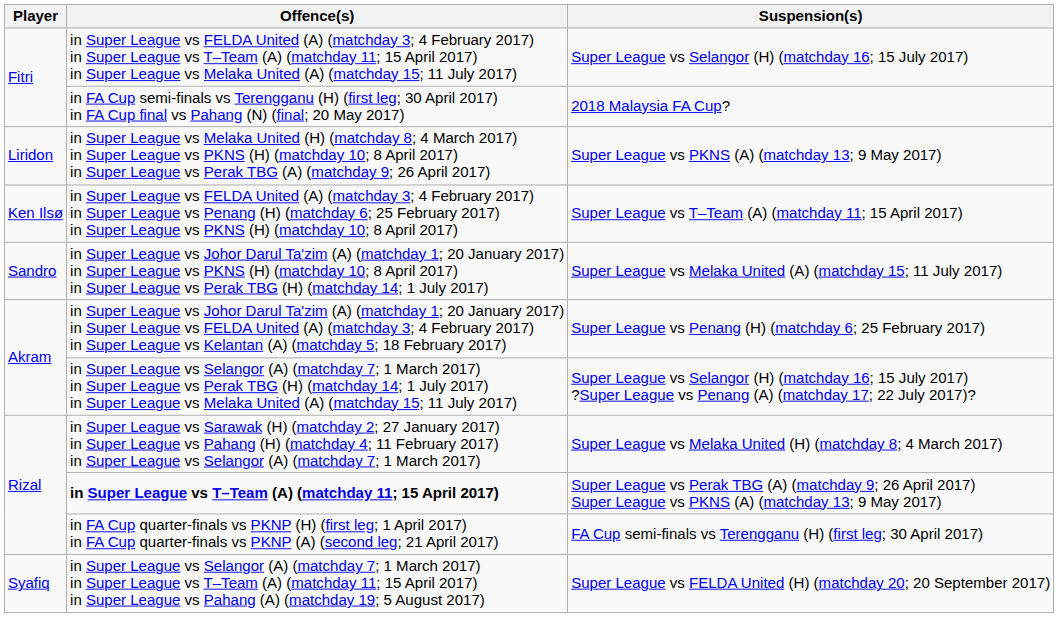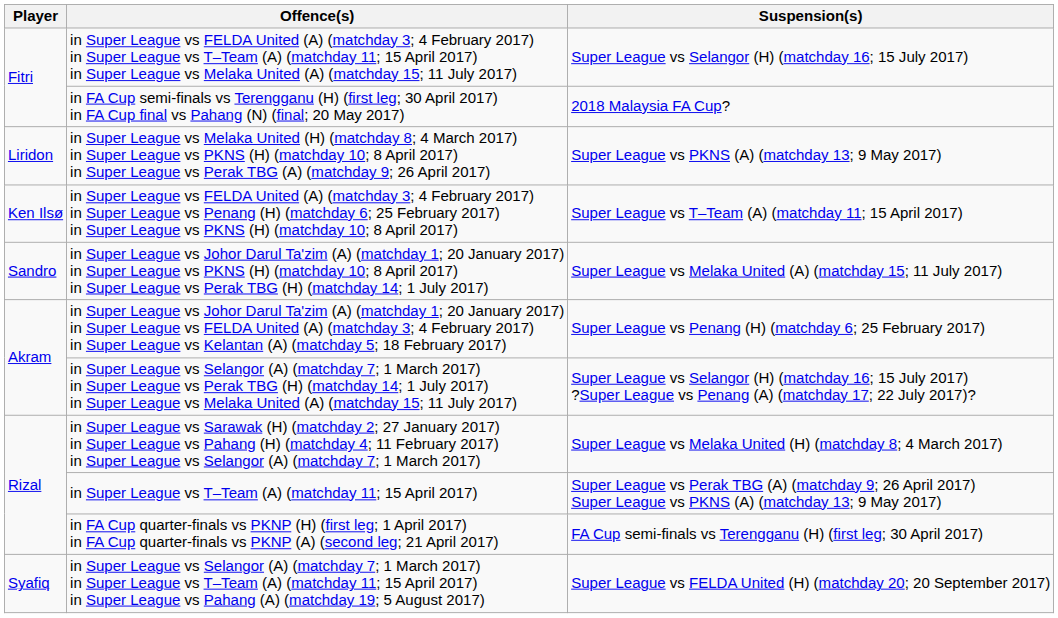 <table class="wikitable sortable">
 <tr>
 <th>Player</th>
 <th>Offence(s)</th>
 <th>Suspension(s)</th>
 </tr>
 <tr>
 <td rowspan=2> <a href='#'>Fitri</a></td>
 <td> in <a href='#'>Super League</a> vs <a href='#'>FELDA United</a> (A) (<a href='#'>matchday 3</a>; 4 February 2017)<br> in <a href='#'>Super League</a> vs <a href='#'>T–Team</a> (A) (<a href='#'>matchday 11</a>; 15 April 2017)<br> in <a href='#'>Super League</a> vs <a href='#'>Melaka United</a> (A) (<a href='#'>matchday 15</a>; 11 July 2017)</td>
 <td><a href='#'>Super League</a> vs <a href='#'>Selangor</a> (H) (<a href='#'>matchday 16</a>; 15 July 2017)</td>
 </tr>
 <tr>
 <td> in <a href='#'>FA Cup</a> semi-finals vs <a href='#'>Terengganu</a> (H) (<a href='#'>first leg</a>; 30 April 2017)<br> in <a href='#'>FA Cup final</a> vs <a href='#'>Pahang</a> (N) (<a href='#'>final</a>; 20 May 2017)</td>
 <td><a href='#'>2018 Malaysia FA Cup</a>?</td>
 </tr>
 <tr>
 <td> <a href='#'>Liridon</a></td>
 <td> in <a href='#'>Super League</a> vs <a href='#'>Melaka United</a> (H) (<a href='#'>matchday 8</a>; 4 March 2017)<br> in <a href='#'>Super League</a> vs <a href='#'>PKNS</a> (H) (<a href='#'>matchday 10</a>; 8 April 2017)<br> in <a href='#'>Super League</a> vs <a href='#'>Perak TBG</a> (A) (<a href='#'>matchday 9</a>; 26 April 2017)</td>
 <td><a href='#'>Super League</a> vs <a href='#'>PKNS</a> (A) (<a href='#'>matchday 13</a>; 9 May 2017)</td>
 </tr>
 <tr>
 <td> <a href='#'>Ken Ilsø</a></td>
 <td> in <a href='#'>Super League</a> vs <a href='#'>FELDA United</a> (A) (<a href='#'>matchday 3</a>; 4 February 2017)<br> in <a href='#'>Super League</a> vs <a href='#'>Penang</a> (H) (<a href='#'>matchday 6</a>; 25 February 2017)<br> in <a href='#'>Super League</a> vs <a href='#'>PKNS</a> (H) (<a href='#'>matchday 10</a>; 8 April 2017)</td>
 <td><a href='#'>Super League</a> vs <a href='#'>T–Team</a> (A) (<a href='#'>matchday 11</a>; 15 April 2017)</td>
 </tr>
 <tr>
 <td> <a href='#'>Sandro</a></td>
 <td> in <a href='#'>Super League</a> vs <a href='#'>Johor Darul Ta'zim</a> (A) (<a href='#'>matchday 1</a>; 20 January 2017)<br> in <a href='#'>Super League</a> vs <a href='#'>PKNS</a> (H) (<a href='#'>matchday 10</a>; 8 April 2017)<br> in <a href='#'>Super League</a> vs <a href='#'>Perak TBG</a> (H) (<a href='#'>matchday 14</a>; 1 July 2017)</td>
 <td><a href='#'>Super League</a> vs <a href='#'>Melaka United</a> (A) (<a href='#'>matchday 15</a>; 11 July 2017)</td>
 </tr>
 <tr>
 <td rowspan=2> <a href='#'>Akram</a></td>
 <td> in <a href='#'>Super League</a> vs <a href='#'>Johor Darul Ta'zim</a> (A) (<a href='#'>matchday 1</a>; 20 January 2017)<br> in <a href='#'>Super League</a> vs <a href='#'>FELDA United</a> (A) (<a href='#'>matchday 3</a>; 4 February 2017)<br> in <a href='#'>Super League</a> vs <a href='#'>Kelantan</a> (A) (<a href='#'>matchday 5</a>; 18 February 2017)</td>
 <td><a href='#'>Super League</a> vs <a href='#'>Penang</a> (H) (<a href='#'>matchday 6</a>; 25 February 2017)</td>
 </tr>
 <tr>
 <td> in <a href='#'>Super League</a> vs <a href='#'>Selangor</a> (A) (<a href='#'>matchday 7</a>; 1 March 2017)<br> in <a href='#'>Super League</a> vs <a href='#'>Perak TBG</a> (H) (<a href='#'>matchday 14</a>; 1 July 2017)<br> in <a href='#'>Super League</a> vs <a href='#'>Melaka United</a> (A) (<a href='#'>matchday 15</a>; 11 July 2017)</td>
 <td><a href='#'>Super League</a> vs <a href='#'>Selangor</a> (H) (<a href='#'>matchday 16</a>; 15 July 2017)<br>?<a href='#'>Super League</a> vs <a href='#'>Penang</a> (A) (<a href='#'>matchday 17</a>; 22 July 2017)?</td>
 </tr>
 <tr>
 <td rowspan=3> <a href='#'>Rizal</a></td>
 <td> in <a href='#'>Super League</a> vs <a href='#'>Sarawak</a> (H) (<a href='#'>matchday 2</a>; 27 January 2017)<br> in <a href='#'>Super League</a> vs <a href='#'>Pahang</a> (H) (<a href='#'>matchday 4</a>; 11 February 2017)<br> in <a href='#'>Super League</a> vs <a href='#'>Selangor</a> (A) (<a href='#'>matchday 7</a>; 1 March 2017)</td>
 <td><a href='#'>Super League</a> vs <a href='#'>Melaka United</a> (H) (<a href='#'>matchday 8</a>; 4 March 2017)</td>
 </tr>
 <tr>
-<td><strong> in <a href='#'>Super League</a> vs <a href='#'>T–Team</a> (A) (<a href='#'>matchday 11</a>; 15 April 2017)</strong></td>
+<td> in <a href='#'>Super League</a> vs <a href='#'>T–Team</a> (A) (<a href='#'>matchday 11</a>; 15 April 2017)</td>
 <td><a href='#'>Super League</a> vs <a href='#'>Perak TBG</a> (A) (<a href='#'>matchday 9</a>; 26 April 2017)<br><a href='#'>Super League</a> vs <a href='#'>PKNS</a> (A) (<a href='#'>matchday 13</a>; 9 May 2017)</td>
 </tr>
 <tr>
 <td> in <a href='#'>FA Cup</a> quarter-finals vs <a href='#'>PKNP</a> (H) (<a href='#'>first leg</a>; 1 April 2017)<br> in <a href='#'>FA Cup</a> quarter-finals vs <a href='#'>PKNP</a> (A) (<a href='#'>second leg</a>; 21 April 2017)</td>
 <td><a href='#'>FA Cup</a> semi-finals vs <a href='#'>Terengganu</a> (H) (<a href='#'>first leg</a>; 30 April 2017)</td>
 </tr>
 <tr>
 <td> <a href='#'>Syafiq</a></td>
 <td> in <a href='#'>Super League</a> vs <a href='#'>Selangor</a> (A) (<a href='#'>matchday 7</a>; 1 March 2017)<br> in <a href='#'>Super League</a> vs <a href='#'>T–Team</a> (A) (<a href='#'>matchday 11</a>; 15 April 2017)<br> in <a href='#'>Super League</a> vs <a href='#'>Pahang</a> (A) (<a href='#'>matchday 19</a>; 5 August 2017)</td>
 <td><a href='#'>Super League</a> vs <a href='#'>FELDA United</a> (H) (<a href='#'>matchday 20</a>; 20 September 2017)</td>
 </tr>
 </table>
